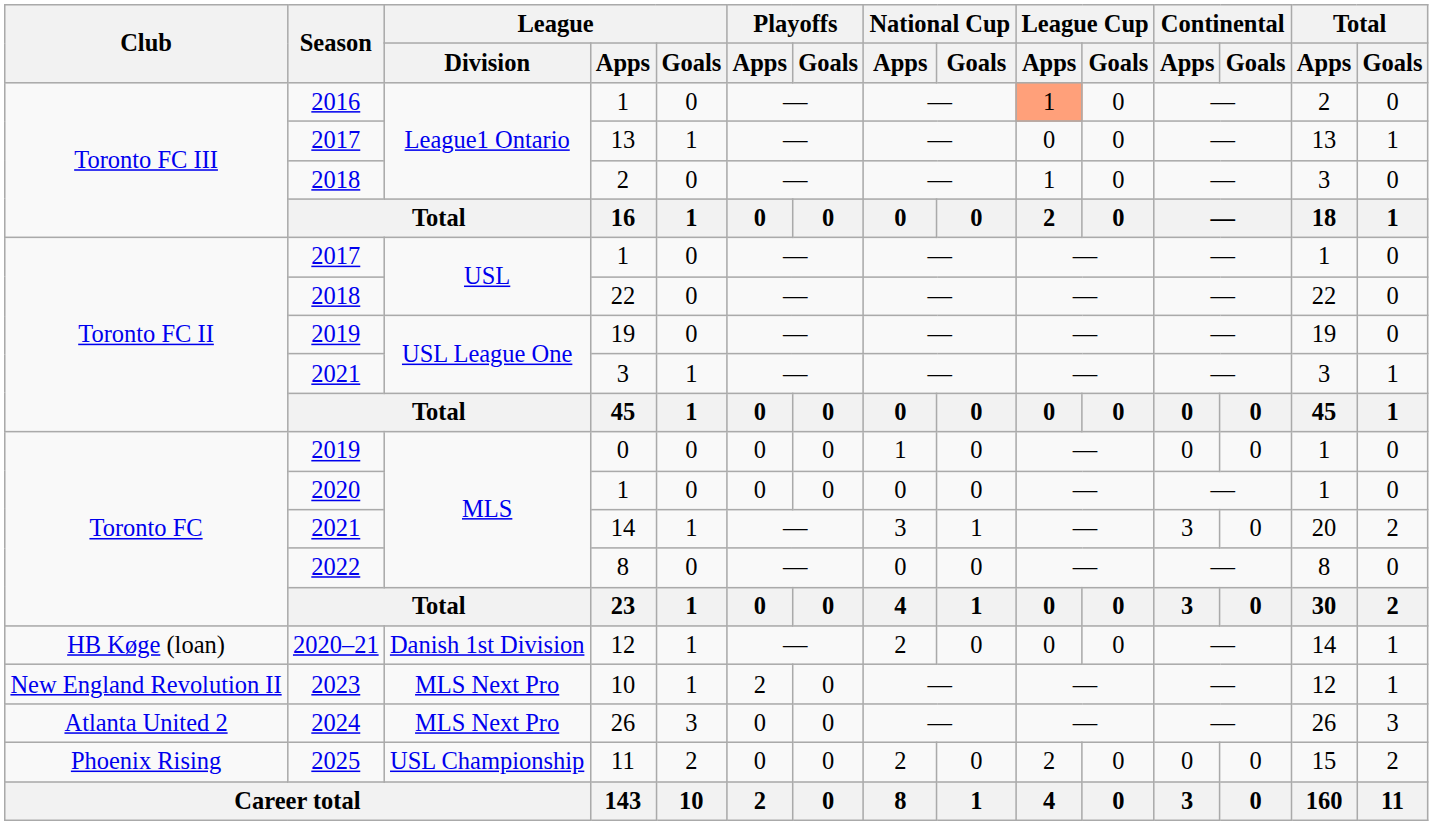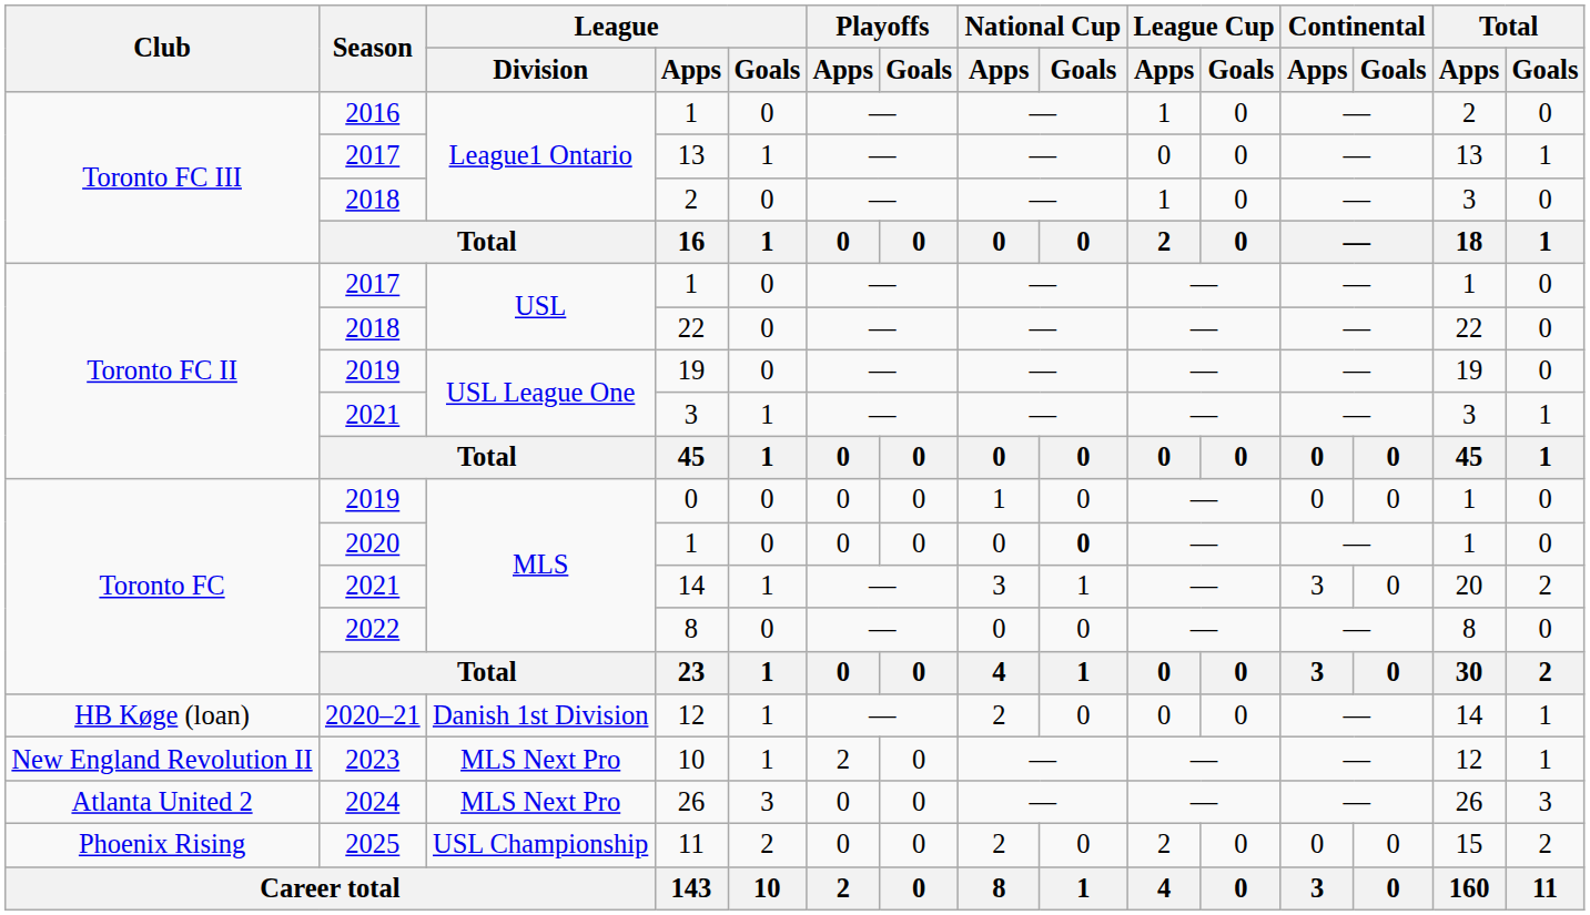 <table class="wikitable" style="text-align: center;">
 <tr>
 <th rowspan="2">Club</th>
 <th rowspan="2">Season</th>
 <th colspan="3">League</th>
 <th colspan="2">Playoffs</th>
 <th colspan="2">National Cup</th>
 <th colspan="2">League Cup</th>
 <th colspan="2">Continental</th>
 <th colspan="2">Total</th>
 </tr>
 <tr>
 <th>Division</th>
 <th>Apps</th>
 <th>Goals</th>
 <th>Apps</th>
 <th>Goals</th>
 <th>Apps</th>
 <th>Goals</th>
 <th>Apps</th>
 <th>Goals</th>
 <th>Apps</th>
 <th>Goals</th>
 <th>Apps</th>
 <th>Goals</th>
 </tr>
 <tr>
 <td rowspan="4"><a href='#'>Toronto FC III</a></td>
 <td><a href='#'>2016</a></td>
 <td rowspan="3"><a href='#'>League1 Ontario</a></td>
 <td>1</td>
 <td>0</td>
 <td colspan="2">—</td>
 <td colspan="2">—</td>
-<td style="background: lightsalmon;">1</td>
+<td>1</td>
 <td>0</td>
 <td colspan="2">—</td>
 <td>2</td>
 <td>0</td>
 </tr>
 <tr>
 <td><a href='#'>2017</a></td>
 <td>13</td>
 <td>1</td>
 <td colspan="2">—</td>
 <td colspan="2">—</td>
 <td>0</td>
 <td>0</td>
 <td colspan="2">—</td>
 <td>13</td>
 <td>1</td>
 </tr>
 <tr>
 <td><a href='#'>2018</a></td>
 <td>2</td>
 <td>0</td>
 <td colspan="2">—</td>
 <td colspan="2">—</td>
 <td>1</td>
 <td>0</td>
 <td colspan="2">—</td>
 <td>3</td>
 <td>0</td>
 </tr>
 <tr>
 <th colspan="2">Total</th>
 <th>16</th>
 <th>1</th>
 <th>0</th>
 <th>0</th>
 <th>0</th>
 <th>0</th>
 <th>2</th>
 <th>0</th>
 <th colspan="2">—</th>
 <th>18</th>
 <th>1</th>
 </tr>
 <tr>
 <td rowspan="5"><a href='#'>Toronto FC II</a></td>
 <td><a href='#'>2017</a></td>
 <td rowspan="2"><a href='#'>USL</a></td>
 <td>1</td>
 <td>0</td>
 <td colspan="2">—</td>
 <td colspan="2">—</td>
 <td colspan="2">—</td>
 <td colspan="2">—</td>
 <td>1</td>
 <td>0</td>
 </tr>
 <tr>
 <td><a href='#'>2018</a></td>
 <td>22</td>
 <td>0</td>
 <td colspan="2">—</td>
 <td colspan="2">—</td>
 <td colspan="2">—</td>
 <td colspan="2">—</td>
 <td>22</td>
 <td>0</td>
 </tr>
 <tr>
 <td><a href='#'>2019</a></td>
 <td rowspan="2"><a href='#'>USL League One</a></td>
 <td>19</td>
 <td>0</td>
 <td colspan="2">—</td>
 <td colspan="2">—</td>
 <td colspan="2">—</td>
 <td colspan="2">—</td>
 <td>19</td>
 <td>0</td>
 </tr>
 <tr>
 <td><a href='#'>2021</a></td>
 <td>3</td>
 <td>1</td>
 <td colspan="2">—</td>
 <td colspan="2">—</td>
 <td colspan="2">—</td>
 <td colspan="2">—</td>
 <td>3</td>
 <td>1</td>
 </tr>
 <tr>
 <th colspan="2">Total</th>
 <th>45</th>
 <th>1</th>
 <th>0</th>
 <th>0</th>
 <th>0</th>
 <th>0</th>
 <th>0</th>
 <th>0</th>
 <th>0</th>
 <th>0</th>
 <th>45</th>
 <th>1</th>
 </tr>
 <tr>
 <td rowspan="5"><a href='#'>Toronto FC</a></td>
 <td><a href='#'>2019</a></td>
 <td rowspan="4"><a href='#'>MLS</a></td>
 <td>0</td>
 <td>0</td>
 <td>0</td>
 <td>0</td>
 <td>1</td>
 <td>0</td>
 <td colspan="2">—</td>
 <td>0</td>
 <td>0</td>
 <td>1</td>
 <td>0</td>
 </tr>
 <tr>
 <td><a href='#'>2020</a></td>
 <td>1</td>
 <td>0</td>
 <td>0</td>
 <td>0</td>
 <td>0</td>
-<td>0</td>
+<td><strong>0</strong></td>
 <td colspan="2">—</td>
 <td colspan="2">—</td>
 <td>1</td>
 <td>0</td>
 </tr>
 <tr>
 <td><a href='#'>2021</a></td>
 <td>14</td>
 <td>1</td>
 <td colspan="2">—</td>
 <td>3</td>
 <td>1</td>
 <td colspan="2">—</td>
 <td>3</td>
 <td>0</td>
 <td>20</td>
 <td>2</td>
 </tr>
 <tr>
 <td><a href='#'>2022</a></td>
 <td>8</td>
 <td>0</td>
 <td colspan="2">—</td>
 <td>0</td>
 <td>0</td>
 <td colspan="2">—</td>
 <td colspan="2">—</td>
 <td>8</td>
 <td>0</td>
 </tr>
 <tr>
 <th colspan="2">Total</th>
 <th>23</th>
 <th>1</th>
 <th>0</th>
 <th>0</th>
 <th>4</th>
 <th>1</th>
 <th>0</th>
 <th>0</th>
 <th>3</th>
 <th>0</th>
 <th>30</th>
 <th>2</th>
 </tr>
 <tr>
 <td><a href='#'>HB Køge</a> (loan)</td>
 <td><a href='#'>2020–21</a></td>
 <td><a href='#'>Danish 1st Division</a></td>
 <td>12</td>
 <td>1</td>
 <td colspan="2">—</td>
 <td>2</td>
 <td>0</td>
 <td>0</td>
 <td>0</td>
 <td colspan="2">—</td>
 <td>14</td>
 <td>1</td>
 </tr>
 <tr>
 <td><a href='#'>New England Revolution II</a></td>
 <td><a href='#'>2023</a></td>
 <td><a href='#'>MLS Next Pro</a></td>
 <td>10</td>
 <td>1</td>
 <td>2</td>
 <td>0</td>
 <td colspan="2">—</td>
 <td colspan="2">—</td>
 <td colspan="2">—</td>
 <td>12</td>
 <td>1</td>
 </tr>
 <tr>
 <td><a href='#'>Atlanta United 2</a></td>
 <td><a href='#'>2024</a></td>
 <td><a href='#'>MLS Next Pro</a></td>
 <td>26</td>
 <td>3</td>
 <td>0</td>
 <td>0</td>
 <td colspan="2">—</td>
 <td colspan="2">—</td>
 <td colspan="2">—</td>
 <td>26</td>
 <td>3</td>
 </tr>
 <tr>
 <td><a href='#'>Phoenix Rising</a></td>
 <td><a href='#'>2025</a></td>
 <td><a href='#'>USL Championship</a></td>
 <td>11</td>
 <td>2</td>
 <td>0</td>
 <td>0</td>
 <td>2</td>
 <td>0</td>
 <td>2</td>
 <td>0</td>
 <td>0</td>
 <td>0</td>
 <td>15</td>
 <td>2</td>
 </tr>
 <tr>
 <th colspan="3">Career total</th>
 <th>143</th>
 <th>10</th>
 <th>2</th>
 <th>0</th>
 <th>8</th>
 <th>1</th>
 <th>4</th>
 <th>0</th>
 <th>3</th>
 <th>0</th>
 <th>160</th>
 <th>11</th>
 </tr>
 </table>
